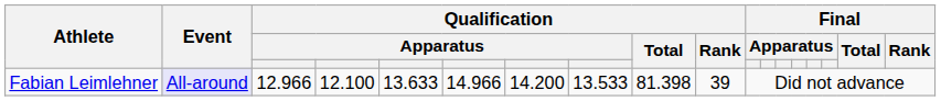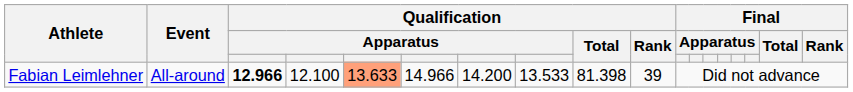 <table class="wikitable" style="font-size:90%">
 <tr>
 <th rowspan=3>Athlete</th>
 <th rowspan=3>Event</th>
 <th colspan =8>Qualification</th>
 <th colspan =8>Final</th>
 </tr>
 <tr style="font-size:95%">
 <th colspan=6>Apparatus</th>
 <th rowspan=2>Total</th>
 <th rowspan=2>Rank</th>
 <th colspan=6>Apparatus</th>
 <th rowspan=2>Total</th>
 <th rowspan=2>Rank</th>
 </tr>
 <tr style="font-size:95%">
 <th></th>
 <th></th>
 <th></th>
 <th></th>
 <th></th>
 <th></th>
 <th></th>
 <th></th>
 <th></th>
 <th></th>
 <th></th>
 <th></th>
 </tr>
 <tr align=center>
 <td align=left><a href='#'>Fabian Leimlehner</a></td>
-<td align=left style="background: lavender;"><a href='#'>All-around</a></td>
-<td>12.966</td>
+<td align=left><a href='#'>All-around</a></td>
+<td><strong>12.966</strong></td>
 <td>12.100</td>
-<td>13.633</td>
+<td style="background: lightsalmon;">13.633</td>
 <td>14.966</td>
 <td>14.200</td>
 <td>13.533</td>
 <td>81.398</td>
 <td>39</td>
 <td colspan=8 align=center>Did not advance</td>
 </tr>
 </table>
